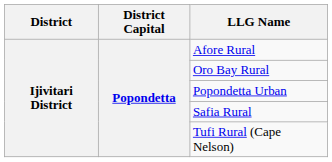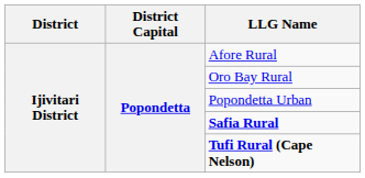 <table class="wikitable" style="text-align: left;" width="400">
 <tr>
 <th>District</th>
 <th>District Capital</th>
 <th>LLG Name</th>
 </tr>
 <tr>
 <th rowspan="5">Ijivitari District</th>
 <th rowspan="5"><a href='#'>Popondetta</a></th>
 <td><a href='#'>Afore Rural</a></td>
 </tr>
 <tr>
 <td><a href='#'>Oro Bay Rural</a></td>
 </tr>
 <tr>
 <td><a href='#'>Popondetta Urban</a></td>
 </tr>
 <tr>
-<td><a href='#'>Safia Rural</a></td>
+<td><strong><a href='#'>Safia Rural</a></strong></td>
 </tr>
 <tr>
-<td><a href='#'>Tufi Rural</a> (Cape Nelson)</td>
+<td><strong><a href='#'>Tufi Rural</a> (Cape Nelson)</strong></td>
 </tr>
 </table>
